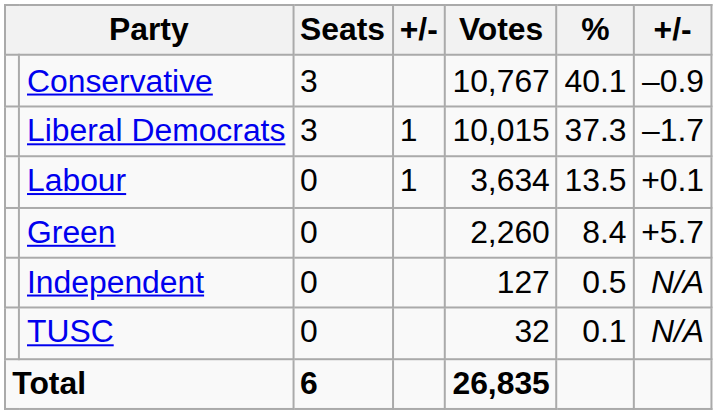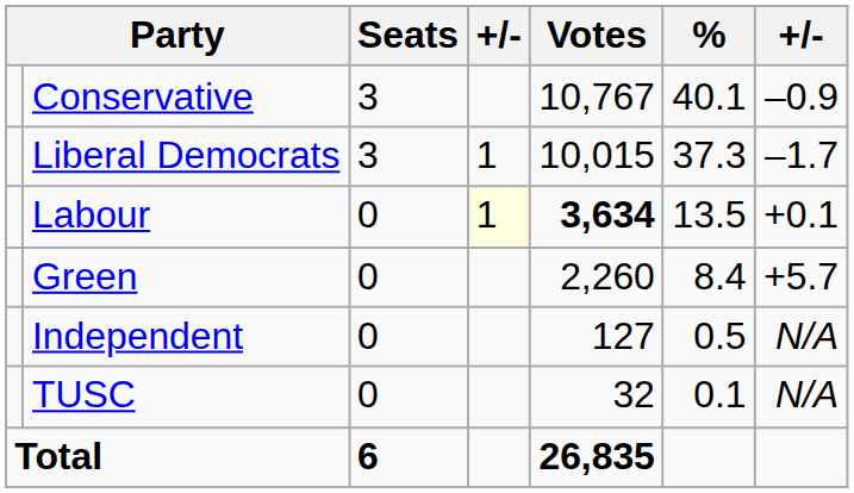 <table class="wikitable sortable">
 <tr>
 <th colspan="2">Party</th>
 <th>Seats</th>
 <th>+/-</th>
 <th>Votes</th>
 <th>%</th>
 <th>+/-</th>
 </tr>
 <tr>
 <td style="background-color: "></td>
 <td><a href='#'>Conservative</a></td>
 <td>3</td>
 <td></td>
 <td style="text-align:right;">10,767</td>
 <td style="text-align:right;">40.1</td>
 <td style="text-align:right;">–0.9</td>
 </tr>
 <tr>
 <td style="background-color: "></td>
 <td><a href='#'>Liberal Democrats</a></td>
 <td>3</td>
 <td> 1</td>
 <td style="text-align:right;">10,015</td>
 <td style="text-align:right;">37.3</td>
 <td style="text-align:right;">–1.7</td>
 </tr>
 <tr>
 <td style="background-color: "></td>
 <td><a href='#'>Labour</a></td>
 <td>0</td>
-<td> 1</td>
-<td style="text-align:right;">3,634</td>
+<td style="background: lightyellow;"> 1</td>
+<td style="text-align:right;"><strong>3,634</strong></td>
 <td style="text-align:right;">13.5</td>
 <td style="text-align:right;">+0.1</td>
 </tr>
 <tr>
 <td style="background-color: "></td>
 <td><a href='#'>Green</a></td>
 <td>0</td>
 <td></td>
 <td style="text-align:right;">2,260</td>
 <td style="text-align:right;">8.4</td>
 <td style="text-align:right;">+5.7</td>
 </tr>
 <tr>
 <td style="background-color: "></td>
 <td><a href='#'>Independent</a></td>
 <td>0</td>
 <td></td>
 <td style="text-align:right;">127</td>
 <td style="text-align:right;">0.5</td>
 <td style="text-align:right;"><em>N/A</em></td>
 </tr>
 <tr>
 <td style="background-color: "></td>
 <td><a href='#'>TUSC</a></td>
 <td>0</td>
 <td></td>
 <td style="text-align:right;">32</td>
 <td style="text-align:right;">0.1</td>
 <td style="text-align:right;"><em>N/A</em></td>
 </tr>
 <tr>
 <td colspan="2"><strong>Total</strong></td>
 <td><strong>6</strong></td>
 <td></td>
 <td style="text-align:right;"><strong>26,835</strong></td>
 <td style="text-align:right;"></td>
 <td style="text-align:right;"></td>
 </tr>
 </table>
